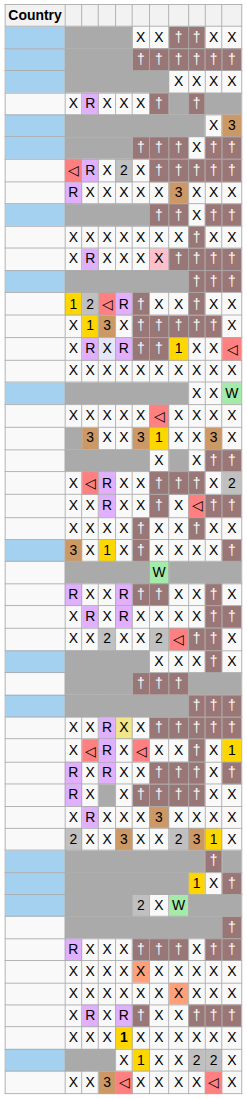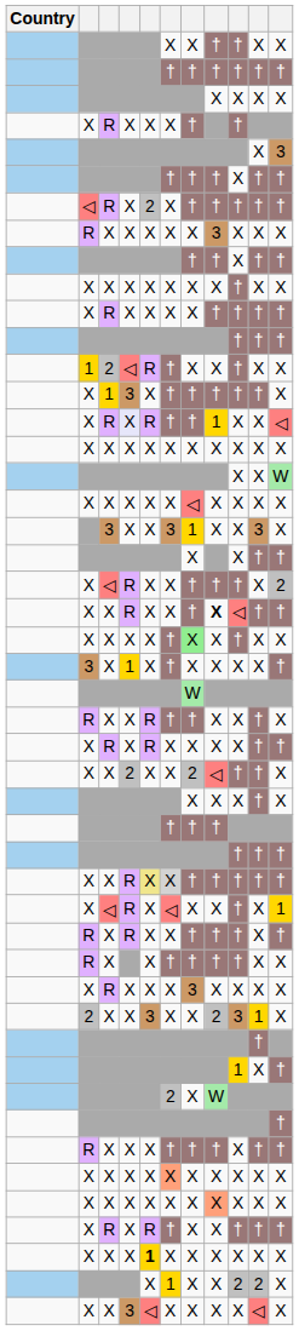 <table class="wikitable collapsible collapsed" style="margin:10px;text-align:center;">
 <tr>
 <th scope="col">Country</th>
 <th scope="col"></th>
 <th scope="col"></th>
 <th scope="col"></th>
 <th scope="col"></th>
 <th scope="col"></th>
 <th scope="col"></th>
 <th scope="col"></th>
 <th scope="col"></th>
 <th scope="col"></th>
 <th scope="col"></th>
 </tr>
 <tr>
 <td bgcolor="#A4D1EF" align=left> </td>
 <td bgcolor="#AAA" colspan=4></td>
 <td>X</td>
 <td>X</td>
 <td style="background:#977;color:white;">†</td>
 <td style="background:#977;color:white;">†</td>
 <td>X</td>
 <td>X</td>
 </tr>
 <tr>
 <td bgcolor="#A4D1EF" align=left> </td>
 <td bgcolor="#AAA" colspan=4></td>
 <td style="background:#977;color:white;">†</td>
 <td style="background:#977;color:white;">†</td>
 <td style="background:#977;color:white;">†</td>
 <td style="background:#977;color:white;">†</td>
 <td style="background:#977;color:white;">†</td>
 <td style="background:#977;color:white;">†</td>
 </tr>
 <tr>
 <td bgcolor="#A4D1EF" align=left> </td>
 <td bgcolor="#AAA" colspan=6></td>
 <td>X</td>
 <td>X</td>
 <td>X</td>
 <td>X</td>
 </tr>
 <tr>
 <td align=left></td>
 <td>X</td>
 <td bgcolor="#E0B0FF">R</td>
 <td>X</td>
 <td>X</td>
 <td>X</td>
 <td style="background:#977;color:white;">†</td>
 <td bgcolor="#AAA"></td>
 <td style="background:#977;color:white;">†</td>
 <td bgcolor="#AAA" colspan=2></td>
 </tr>
 <tr>
 <td bgcolor="#A4D1EF" align=left> </td>
 <td bgcolor="#AAA" colspan=8></td>
 <td>X</td>
 <td style="background:#c96;">3</td>
 </tr>
 <tr>
 <td bgcolor="#A4D1EF" align=left> </td>
 <td bgcolor="#AAA" colspan=4></td>
 <td style="background:#977;color:white;">†</td>
 <td style="background:#977;color:white;">†</td>
 <td style="background:#977;color:white;">†</td>
 <td>X</td>
 <td style="background:#977;color:white;">†</td>
 <td style="background:#977;color:white;">†</td>
 </tr>
 <tr>
 <td align=left></td>
 <td bgcolor="#FE8080">◁</td>
 <td bgcolor="#E0B0FF">R</td>
 <td>X</td>
 <td style="background:silver">2</td>
 <td>X</td>
 <td style="background:#977;color:white;">†</td>
 <td style="background:#977;color:white;">†</td>
 <td style="background:#977;color:white;">†</td>
 <td style="background:#977;color:white;">†</td>
 <td style="background:#977;color:white;">†</td>
 </tr>
 <tr>
 <td align=left></td>
 <td bgcolor="#E0B0FF">R</td>
 <td>X</td>
 <td>X</td>
 <td>X</td>
 <td>X</td>
 <td>X</td>
 <td style="background:#c96;">3</td>
 <td>X</td>
 <td>X</td>
 <td>X</td>
 </tr>
 <tr>
 <td bgcolor="#A4D1EF" align=left> </td>
 <td bgcolor="#AAA" colspan=5></td>
 <td style="background:#977;color:white;">†</td>
 <td style="background:#977;color:white;">†</td>
 <td>X</td>
 <td style="background:#977;color:white;">†</td>
 <td style="background:#977;color:white;">†</td>
 </tr>
 <tr>
 <td align=left></td>
 <td>X</td>
 <td>X</td>
 <td>X</td>
 <td>X</td>
 <td>X</td>
 <td>X</td>
 <td>X</td>
 <td style="background:#977;color:white;">†</td>
 <td>X</td>
 <td>X</td>
 </tr>
 <tr>
 <td align=left> </td>
 <td>X</td>
 <td bgcolor="#E0B0FF">R</td>
 <td>X</td>
 <td>X</td>
 <td>X</td>
-<td style="background: pink;">X</td>
+<td>X</td>
 <td style="background:#977;color:white;">†</td>
 <td style="background:#977;color:white;">†</td>
 <td style="background:#977;color:white;">†</td>
 <td style="background:#977;color:white;">†</td>
 </tr>
 <tr>
 <td bgcolor="#A4D1EF" align=left> </td>
 <td bgcolor="#AAA" colspan=7></td>
 <td style="background:#977;color:white;">†</td>
 <td style="background:#977;color:white;">†</td>
 <td style="background:#977;color:white;">†</td>
 </tr>
 <tr>
 <td align=left></td>
 <td style="background:gold">1</td>
 <td style="background:silver">2</td>
 <td bgcolor="#FE8080">◁</td>
 <td bgcolor="#E0B0FF">R</td>
 <td style="background:#977;color:white;">†</td>
 <td>X</td>
 <td>X</td>
 <td style="background:#977;color:white;">†</td>
 <td>X</td>
 <td>X</td>
 </tr>
 <tr>
 <td align=left></td>
 <td>X</td>
 <td style="background:gold">1</td>
 <td style="background:#c96;">3</td>
 <td>X</td>
 <td style="background:#977;color:white;">†</td>
 <td style="background:#977;color:white;">†</td>
 <td style="background:#977;color:white;">†</td>
 <td style="background:#977;color:white;">†</td>
 <td style="background:#977;color:white;">†</td>
 <td>X</td>
 </tr>
 <tr>
 <td align=left></td>
 <td>X</td>
 <td bgcolor="#E0B0FF">R</td>
 <td style="background: lavender;">X</td>
 <td bgcolor="#E0B0FF">R</td>
 <td style="background:#977;color:white;">†</td>
 <td style="background:#977;color:white;">†</td>
 <td style="background:gold">1</td>
 <td>X</td>
 <td>X</td>
 <td bgcolor="#FE8080">◁</td>
 </tr>
 <tr>
 <td align=left></td>
 <td>X</td>
 <td>X</td>
 <td>X</td>
 <td>X</td>
 <td>X</td>
 <td>X</td>
 <td>X</td>
 <td>X</td>
 <td>X</td>
 <td>X</td>
 </tr>
 <tr>
 <td bgcolor="#A4D1EF" align=left> </td>
 <td bgcolor="#AAA" colspan=7></td>
 <td>X</td>
 <td>X</td>
 <td style="background:#A4EAA9;">W</td>
 </tr>
 <tr>
 <td align=left></td>
 <td>X</td>
 <td>X</td>
 <td>X</td>
 <td>X</td>
 <td>X</td>
 <td bgcolor="#FE8080">◁</td>
 <td>X</td>
 <td>X</td>
 <td>X</td>
 <td>X</td>
 </tr>
 <tr>
 <td align=left></td>
 <td bgcolor="#AAA"></td>
 <td style="background:#c96;">3</td>
 <td>X</td>
 <td>X</td>
 <td style="background:#c96;">3</td>
 <td style="background:gold">1</td>
 <td>X</td>
 <td>X</td>
 <td style="background:#c96;">3</td>
 <td>X</td>
 </tr>
 <tr>
 <td align=left></td>
 <td bgcolor="#AAA" colspan=5></td>
 <td>X</td>
 <td bgcolor="#AAA"></td>
 <td>X</td>
 <td style="background:#977;color:white;">†</td>
 <td style="background:#977;color:white;">†</td>
 </tr>
 <tr>
 <td align=left></td>
 <td>X</td>
 <td bgcolor="#FE8080">◁</td>
 <td bgcolor="#E0B0FF">R</td>
 <td>X</td>
 <td>X</td>
 <td style="background:#977;color:white;">†</td>
 <td style="background:#977;color:white;">†</td>
 <td style="background:#977;color:white;">†</td>
 <td>X</td>
 <td style="background:silver">2</td>
 </tr>
 <tr>
 <td align=left></td>
 <td>X</td>
 <td>X</td>
 <td bgcolor="#E0B0FF">R</td>
 <td>X</td>
 <td>X</td>
 <td style="background:#977;color:white;">†</td>
-<td>X</td>
+<td><strong>X</strong></td>
 <td bgcolor="#FE8080">◁</td>
 <td style="background:#977;color:white;">†</td>
 <td style="background:#977;color:white;">†</td>
 </tr>
 <tr>
 <td align=left></td>
 <td>X</td>
 <td>X</td>
 <td>X</td>
 <td>X</td>
 <td style="background:#977;color:white;">†</td>
-<td>X</td>
+<td style="background: lightgreen;">X</td>
 <td>X</td>
 <td style="background:#977;color:white;">†</td>
 <td>X</td>
 <td>X</td>
 </tr>
 <tr>
 <td bgcolor="#A4D1EF" align=left> </td>
 <td style="background:#c96;">3</td>
 <td>X</td>
 <td style="background:gold">1</td>
 <td>X</td>
 <td style="background:#977;color:white;">†</td>
 <td>X</td>
 <td>X</td>
 <td>X</td>
 <td>X</td>
 <td style="background:#977;color:white;">†</td>
 </tr>
 <tr>
 <td align=left></td>
 <td bgcolor="#AAA" colspan=5></td>
 <td style="background:#A4EAA9;">W</td>
 <td bgcolor="#AAA" colspan=4></td>
 </tr>
 <tr>
 <td align=left> </td>
 <td bgcolor="#E0B0FF">R</td>
 <td>X</td>
 <td>X</td>
 <td bgcolor="#E0B0FF">R</td>
 <td style="background:#977;color:white;">†</td>
 <td style="background:#977;color:white;">†</td>
 <td>X</td>
 <td>X</td>
 <td style="background:#977;color:white;">†</td>
 <td>X</td>
 </tr>
 <tr>
 <td align=left></td>
 <td>X</td>
 <td bgcolor="#E0B0FF">R</td>
 <td>X</td>
 <td bgcolor="#E0B0FF">R</td>
 <td>X</td>
 <td>X</td>
 <td>X</td>
 <td>X</td>
 <td style="background:#977;color:white;">†</td>
 <td style="background:#977;color:white;">†</td>
 </tr>
 <tr>
 <td align=left></td>
 <td>X</td>
 <td>X</td>
 <td style="background:silver">2</td>
 <td>X</td>
 <td>X</td>
 <td style="background:silver">2</td>
 <td bgcolor="#FE8080">◁</td>
 <td style="background:#977;color:white;">†</td>
 <td style="background:#977;color:white;">†</td>
 <td>X</td>
 </tr>
 <tr>
 <td bgcolor="#A4D1EF" align=left> </td>
 <td bgcolor="#AAA" colspan=5></td>
 <td>X</td>
 <td>X</td>
 <td>X</td>
 <td style="background:#977;color:white;">†</td>
 <td>X</td>
 </tr>
 <tr>
 <td align=left></td>
 <td bgcolor="#AAA" colspan=4></td>
 <td style="background:#977;color:white;">†</td>
 <td style="background:#977;color:white;">†</td>
 <td style="background:#977;color:white;">†</td>
 <td bgcolor="#AAA" colspan=3></td>
 </tr>
 <tr>
 <td bgcolor="#A4D1EF" align=left> </td>
 <td bgcolor="#AAA" colspan=7></td>
 <td style="background:#977;color:white;">†</td>
 <td style="background:#977;color:white;">†</td>
 <td style="background:#977;color:white;">†</td>
 </tr>
 <tr>
 <td align=left></td>
 <td>X</td>
 <td>X</td>
 <td bgcolor="#E0B0FF">R</td>
 <td style="background: khaki;">X</td>
-<td>X</td>
+<td style="background: lightgrey;">X</td>
 <td style="background:#977;color:white;">†</td>
 <td style="background:#977;color:white;">†</td>
 <td style="background:#977;color:white;">†</td>
 <td style="background:#977;color:white;">†</td>
 <td style="background:#977;color:white;">†</td>
 </tr>
 <tr>
 <td align=left></td>
 <td>X</td>
 <td bgcolor="#FE8080">◁</td>
 <td bgcolor="#E0B0FF">R</td>
 <td>X</td>
 <td bgcolor="#FE8080">◁</td>
 <td>X</td>
 <td>X</td>
 <td style="background:#977;color:white;">†</td>
 <td>X</td>
 <td style="background:gold">1</td>
 </tr>
 <tr>
 <td align=left></td>
 <td bgcolor="#E0B0FF">R</td>
 <td>X</td>
 <td bgcolor="#E0B0FF">R</td>
 <td>X</td>
 <td>X</td>
 <td style="background:#977;color:white;">†</td>
 <td style="background:#977;color:white;">†</td>
 <td style="background:#977;color:white;">†</td>
 <td>X</td>
 <td style="background:#977;color:white;">†</td>
 </tr>
 <tr>
 <td align=left></td>
 <td bgcolor="#E0B0FF">R</td>
 <td>X</td>
 <td bgcolor="#AAA"></td>
 <td>X</td>
 <td style="background:#977;color:white;">†</td>
 <td style="background:#977;color:white;">†</td>
 <td style="background:#977;color:white;">†</td>
 <td style="background:#977;color:white;">†</td>
 <td>X</td>
 <td>X</td>
 </tr>
 <tr>
 <td align=left></td>
 <td>X</td>
 <td bgcolor="#E0B0FF">R</td>
 <td>X</td>
 <td>X</td>
 <td>X</td>
 <td style="background:#c96;">3</td>
 <td>X</td>
 <td>X</td>
 <td>X</td>
 <td>X</td>
 </tr>
 <tr>
 <td align=left></td>
 <td style="background:silver">2</td>
 <td>X</td>
 <td>X</td>
 <td style="background:#c96;">3</td>
 <td>X</td>
 <td>X</td>
 <td style="background:silver">2</td>
 <td style="background:#c96;">3</td>
 <td style="background:gold">1</td>
 <td>X</td>
 </tr>
 <tr>
 <td bgcolor="#A4D1EF" align=left> </td>
 <td bgcolor="#AAA" colspan=8></td>
 <td style="background:#977;color:white;">†</td>
 <td bgcolor="#AAA"></td>
 </tr>
 <tr>
 <td bgcolor="#A4D1EF" align=left> </td>
 <td bgcolor="#AAA" colspan=7></td>
 <td style="background:gold">1</td>
 <td>X</td>
 <td style="background:#977;color:white;">†</td>
 </tr>
 <tr>
 <td bgcolor="#A4D1EF" align=left> </td>
 <td bgcolor="#AAA" colspan=4></td>
 <td style="background:silver">2</td>
 <td>X</td>
 <td style="background:#A4EAA9;">W</td>
 <td bgcolor="#AAA" colspan=3></td>
 </tr>
 <tr>
 <td align=left></td>
 <td bgcolor="#AAA" colspan=9></td>
 <td style="background:#977;color:white;">†</td>
 </tr>
 <tr>
 <td align=left></td>
 <td bgcolor="#E0B0FF">R</td>
 <td>X</td>
 <td>X</td>
 <td>X</td>
 <td style="background:#977;color:white;">†</td>
 <td style="background:#977;color:white;">†</td>
 <td style="background:#977;color:white;">†</td>
 <td>X</td>
 <td style="background:#977;color:white;">†</td>
 <td style="background:#977;color:white;">†</td>
 </tr>
 <tr>
 <td align=left></td>
 <td>X</td>
 <td>X</td>
 <td>X</td>
 <td>X</td>
 <td style="background: lightsalmon;">X</td>
 <td>X</td>
 <td>X</td>
 <td>X</td>
 <td>X</td>
 <td>X</td>
 </tr>
 <tr>
 <td align=left></td>
 <td>X</td>
 <td>X</td>
 <td>X</td>
 <td>X</td>
 <td>X</td>
 <td>X</td>
 <td style="background: lightsalmon;">X</td>
 <td>X</td>
 <td>X</td>
 <td>X</td>
 </tr>
 <tr>
 <td align=left></td>
 <td>X</td>
 <td bgcolor="#E0B0FF">R</td>
 <td>X</td>
 <td bgcolor="#E0B0FF">R</td>
 <td style="background:#977;color:white;">†</td>
 <td>X</td>
 <td>X</td>
 <td style="background:#977;color:white;">†</td>
 <td style="background:#977;color:white;">†</td>
 <td style="background:#977;color:white;">†</td>
 </tr>
 <tr>
 <td align=left></td>
 <td>X</td>
 <td>X</td>
 <td>X</td>
 <td style="background:gold"><strong>1</strong></td>
 <td>X</td>
 <td>X</td>
 <td>X</td>
 <td>X</td>
 <td>X</td>
 <td>X</td>
 </tr>
 <tr>
 <td bgcolor="#A4D1EF" align=left> </td>
 <td bgcolor="#AAA" colspan=3></td>
 <td>X</td>
 <td style="background:gold">1</td>
 <td>X</td>
 <td>X</td>
 <td style="background:silver">2</td>
 <td style="background:silver">2</td>
 <td>X</td>
 </tr>
 <tr>
 <td align=left></td>
 <td>X</td>
 <td>X</td>
 <td style="background:#c96;">3</td>
 <td bgcolor="#FE8080">◁</td>
 <td>X</td>
 <td>X</td>
 <td>X</td>
 <td>X</td>
 <td bgcolor="#FE8080">◁</td>
 <td>X</td>
 </tr>
 </table>
